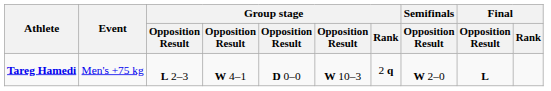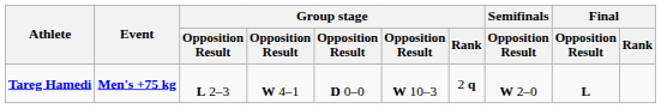 <table class=wikitable style=font-size:90%;text-align:center>
 <tr>
 <th rowspan=2>Athlete</th>
 <th rowspan=2>Event</th>
 <th colspan=5>Group stage</th>
 <th>Semifinals</th>
 <th colspan=2>Final</th>
 </tr>
 <tr style="font-size:95%">
 <th>Opposition<br>Result</th>
 <th>Opposition<br>Result</th>
 <th>Opposition<br>Result</th>
 <th>Opposition<br>Result</th>
 <th>Rank</th>
 <th>Opposition<br>Result</th>
 <th>Opposition<br>Result</th>
 <th>Rank</th>
 </tr>
 <tr align=center>
 <td align=left><strong><a href='#'>Tareg Hamedi</a></strong></td>
-<td align=left><a href='#'>Men's +75 kg</a></td>
+<td align=left><strong><a href='#'>Men's +75 kg</a></strong></td>
 <td><br> <strong>L</strong> 2–3</td>
 <td><br> <strong>W</strong> 4–1</td>
 <td><br><strong>D</strong> 0–0</td>
 <td><br><strong>W</strong> 10–3</td>
 <td>2 <strong>q</strong></td>
 <td><br><strong>W</strong> 2–0</td>
 <td><br><strong>L</strong> </td>
 <td></td>
 </tr>
 </table>
